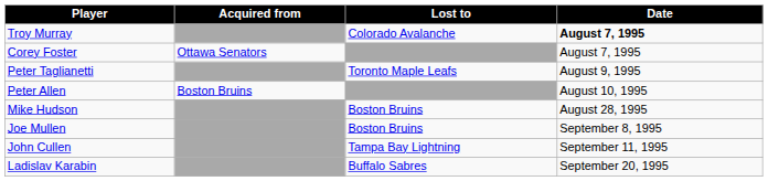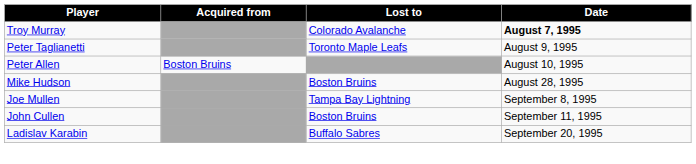 <table class="wikitable" style="width:80%;">
 <tr style="text-align:center; background:#ddd;">
 <th style="color:white; background:#000000; ">Player</th>
 <th style="color:white; background:#000000; ">Acquired from</th>
 <th style="color:white; background:#000000; ">Lost to</th>
 <th style="color:white; background:#000000; ">Date</th>
 </tr>
 <tr>
 <td><a href='#'>Troy Murray</a></td>
 <td style="background:darkgray;"></td>
 <td><a href='#'>Colorado Avalanche</a></td>
 <td><strong>August 7, 1995</strong></td>
-</tr>
-<tr>
-<td><a href='#'>Corey Foster</a></td>
-<td><a href='#'>Ottawa Senators</a></td>
-<td style="background:darkgray;"></td>
-<td>August 7, 1995</td>
 </tr>
 <tr>
 <td><a href='#'>Peter Taglianetti</a></td>
 <td style="background:darkgray;"></td>
 <td><a href='#'>Toronto Maple Leafs</a></td>
 <td>August 9, 1995</td>
 </tr>
 <tr>
 <td><a href='#'>Peter Allen</a></td>
 <td><a href='#'>Boston Bruins</a></td>
 <td style="background:darkgray;"></td>
 <td>August 10, 1995</td>
 </tr>
 <tr>
 <td><a href='#'>Mike Hudson</a></td>
 <td style="background:darkgray;"></td>
 <td><a href='#'>Boston Bruins</a></td>
 <td>August 28, 1995</td>
 </tr>
 <tr>
 <td><a href='#'>Joe Mullen</a></td>
 <td style="background:darkgray;"></td>
-<td><a href='#'>Boston Bruins</a></td>
+<td><a href='#'>Tampa Bay Lightning</a></td>
 <td>September 8, 1995</td>
 </tr>
 <tr>
 <td><a href='#'>John Cullen</a></td>
 <td style="background:darkgray;"></td>
-<td><a href='#'>Tampa Bay Lightning</a></td>
+<td><a href='#'>Boston Bruins</a></td>
 <td>September 11, 1995</td>
 </tr>
 <tr>
 <td><a href='#'>Ladislav Karabin</a></td>
 <td style="background:darkgray;"></td>
 <td><a href='#'>Buffalo Sabres</a></td>
 <td>September 20, 1995</td>
 </tr>
 </table>
